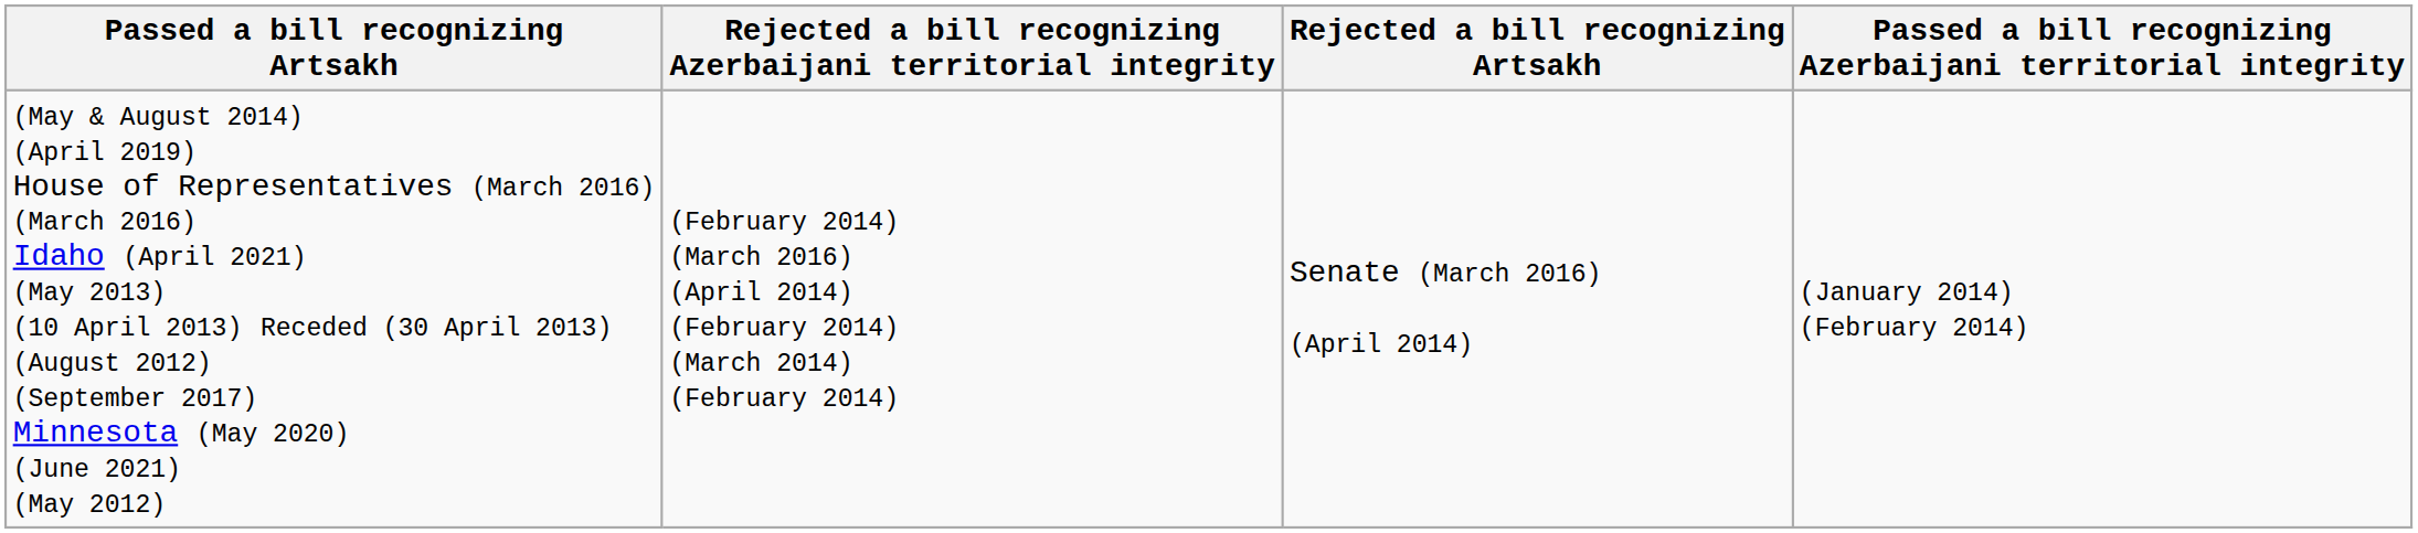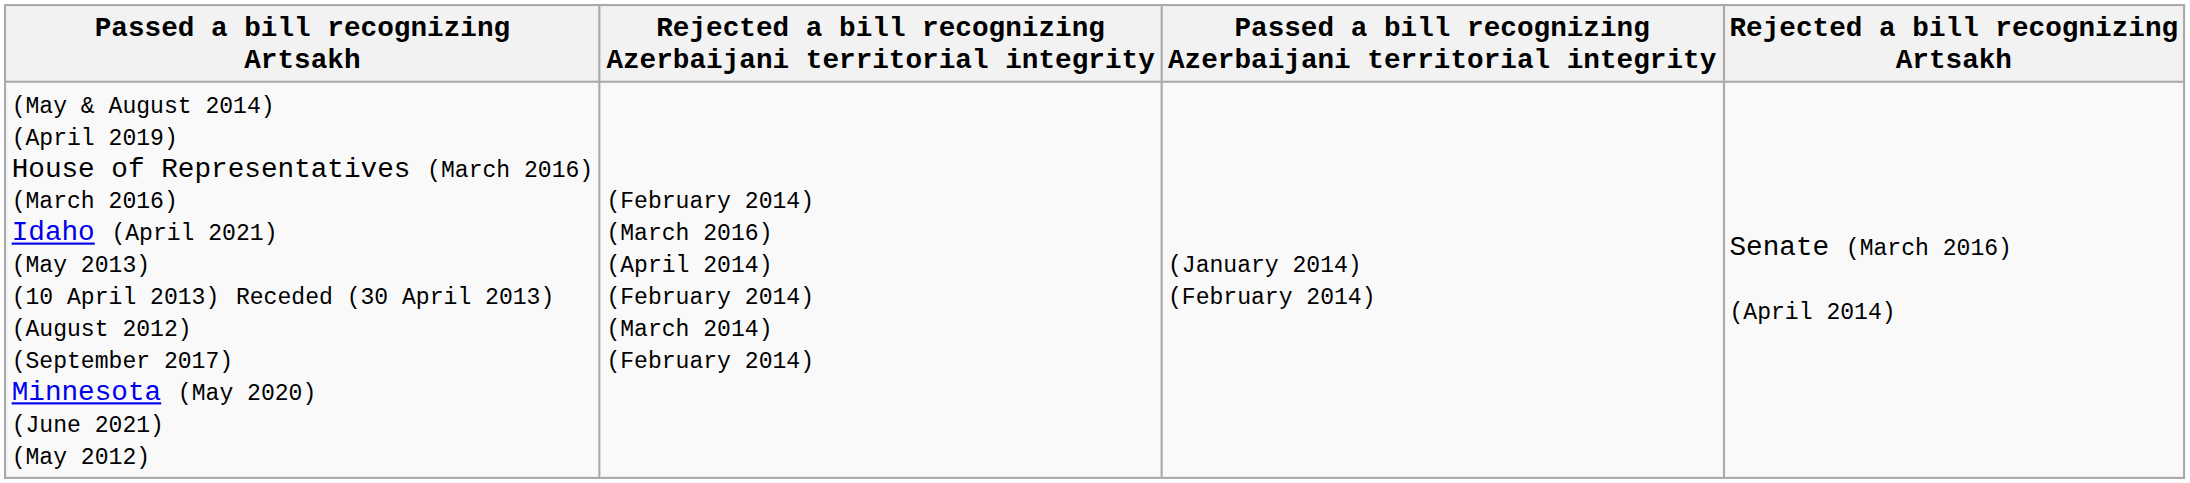 <table class="wikitable">
 <tr>
 <th>Passed a bill recognizing<br>Artsakh</th>
 <th>Rejected a bill recognizing<br>Azerbaijani territorial integrity</th>
+<th>Passed a bill recognizing<br>Azerbaijani territorial integrity</th>
 <th>Rejected a bill recognizing<br>Artsakh</th>
-<th>Passed a bill recognizing<br>Azerbaijani territorial integrity</th>
 </tr>
 <tr>
 <td> <small>(May & August 2014)</small><br> <small>(April 2019)</small><br> House of Representatives <small>(March 2016)</small><br> <small>(March 2016)</small><br> <a href='#'>Idaho</a> <small>(April 2021)</small><br>  <small>(May 2013)</small><br> <small>(10 April 2013)</small> <small>Receded (30 April 2013)</small><br> <small>(August 2012)</small><br> <small>(September 2017)</small><br> <a href='#'>Minnesota</a> <small>(May 2020)</small><br>  <small>(June 2021)</small><br> <small>(May 2012)</small></td>
 <td> <small>(February 2014)</small><br> <small>(March 2016)</small><br> <small>(April 2014)</small><br> <small>(February 2014)</small><br> <small>(March 2014)</small><br> <small>(February 2014)</small></td>
+<td> <small>(January 2014)</small><br> <small>(February 2014)</small></td>
 <td> Senate <small>(March 2016)</small><br><br> <small>(April 2014)</small></td>
-<td> <small>(January 2014)</small><br> <small>(February 2014)</small></td>
 </tr>
 </table>
